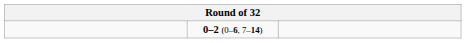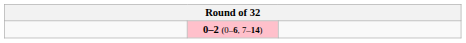 <table class="wikitable" style="text-align: center;">
 <tr>
 <th colspan=3>Round of 32</th>
 </tr>
 <tr>
 <td align=left width="270"></td>
-<td align=center width="130"><strong>0–2</strong> <small>(0–<strong>6</strong>, 7–<strong>14</strong>)</small></td>
+<td align=center width="130" style="background: pink;"><strong>0–2</strong> <small>(0–<strong>6</strong>, 7–<strong>14</strong>)</small></td>
 <td align=left width="270"><strong></strong></td>
 </tr>
 </table>
